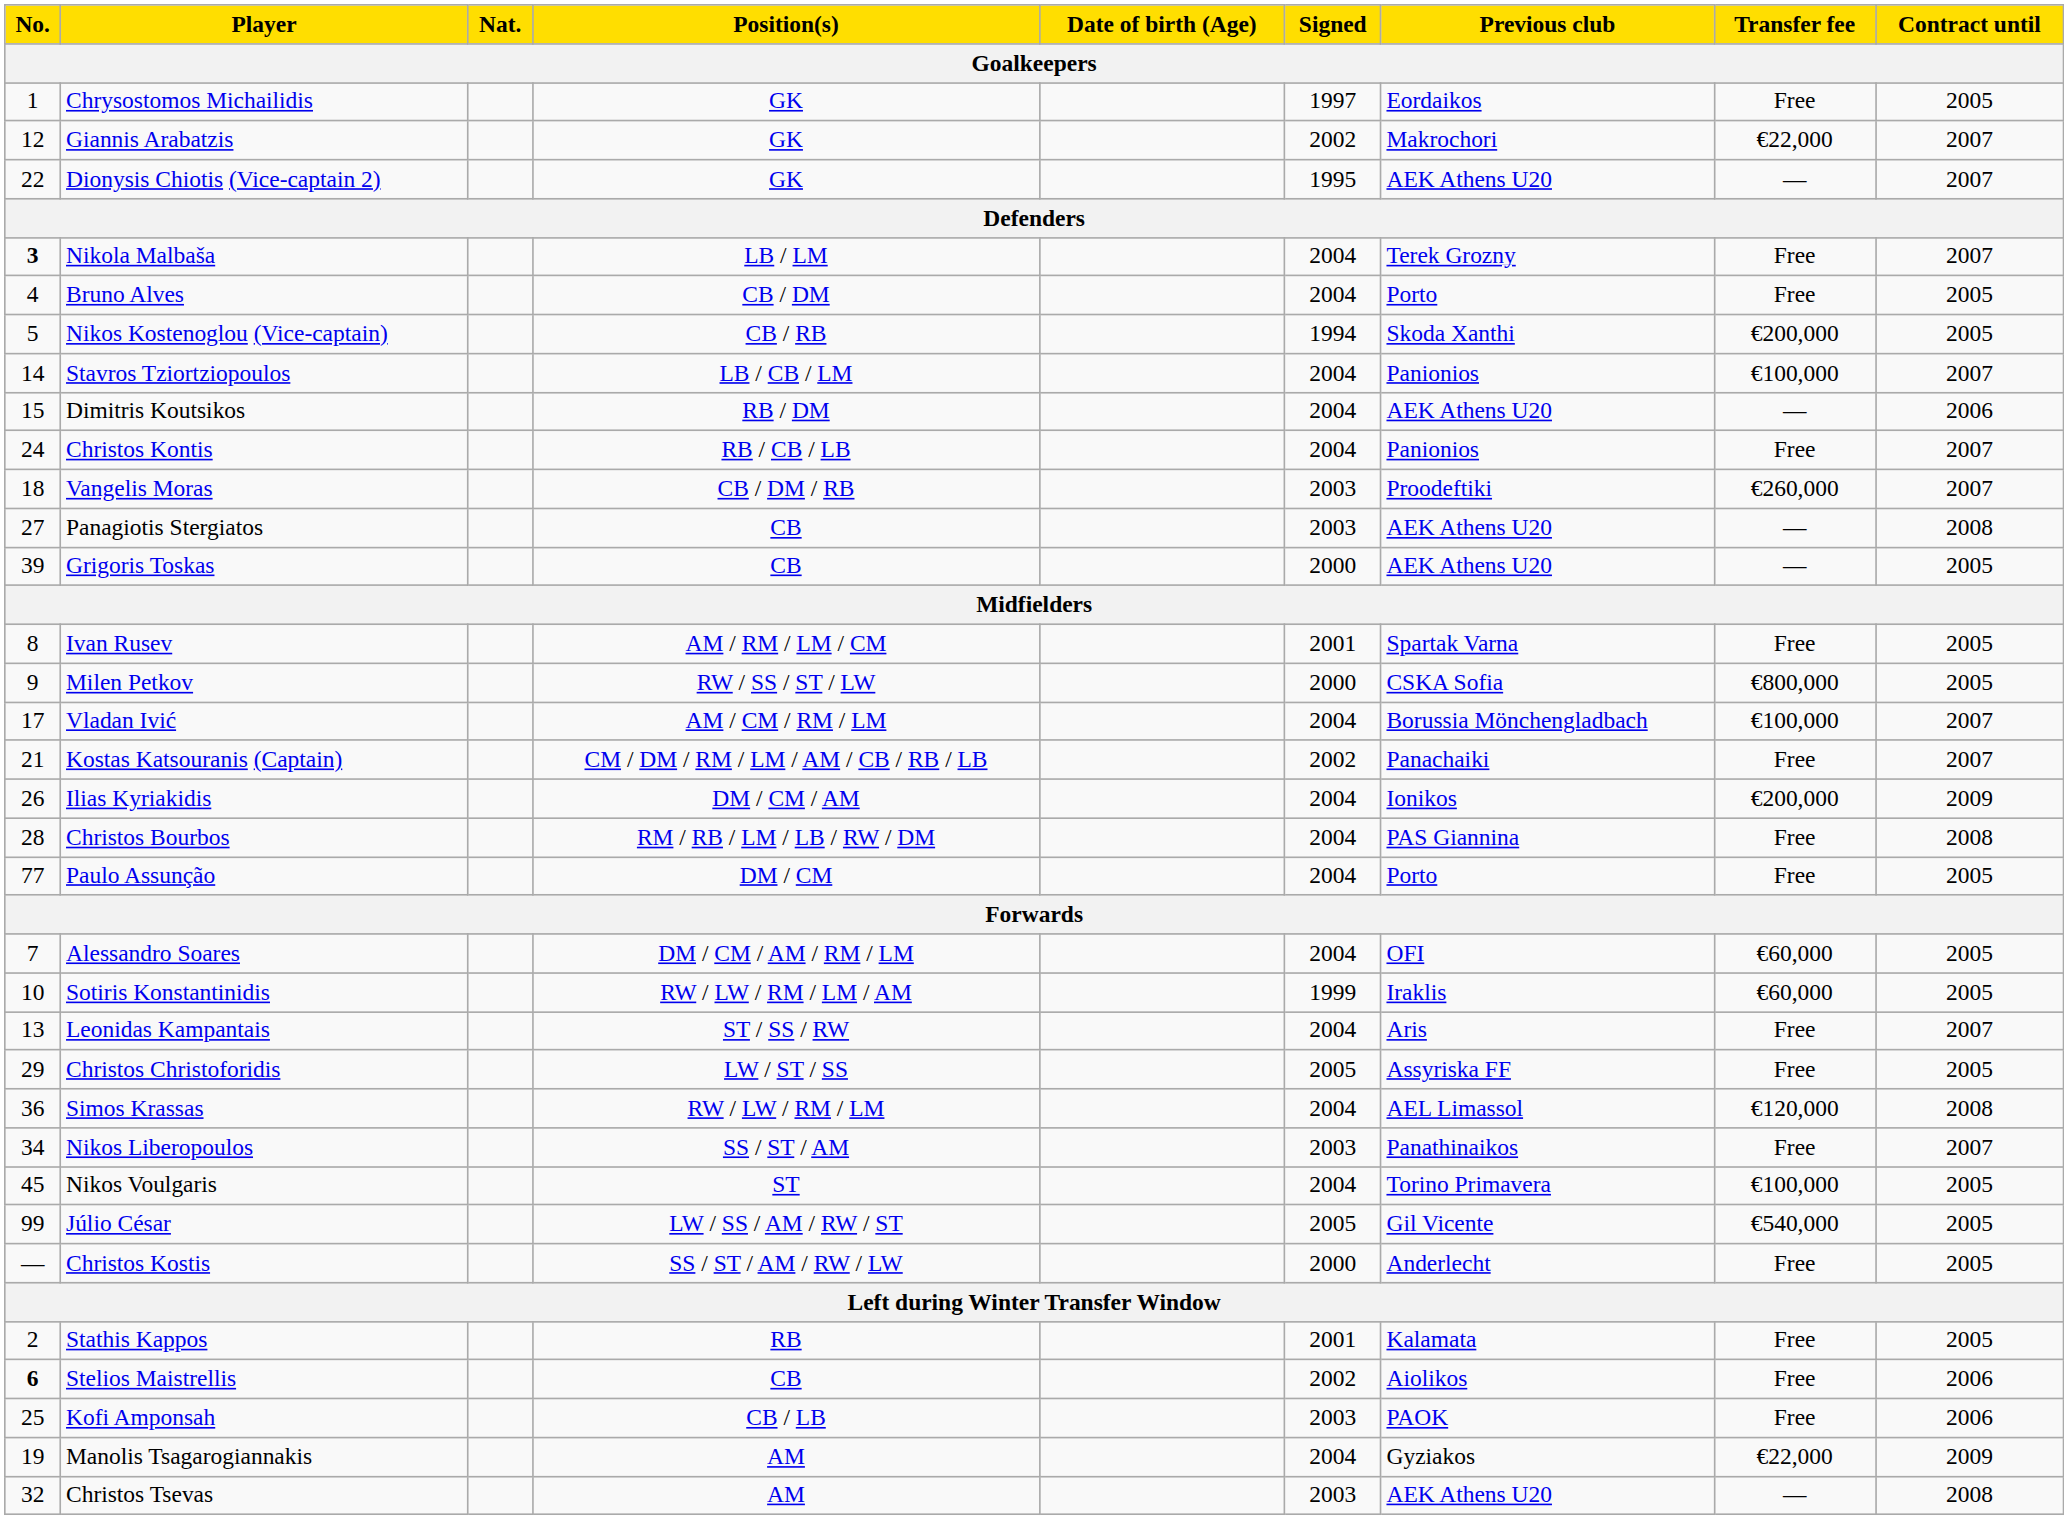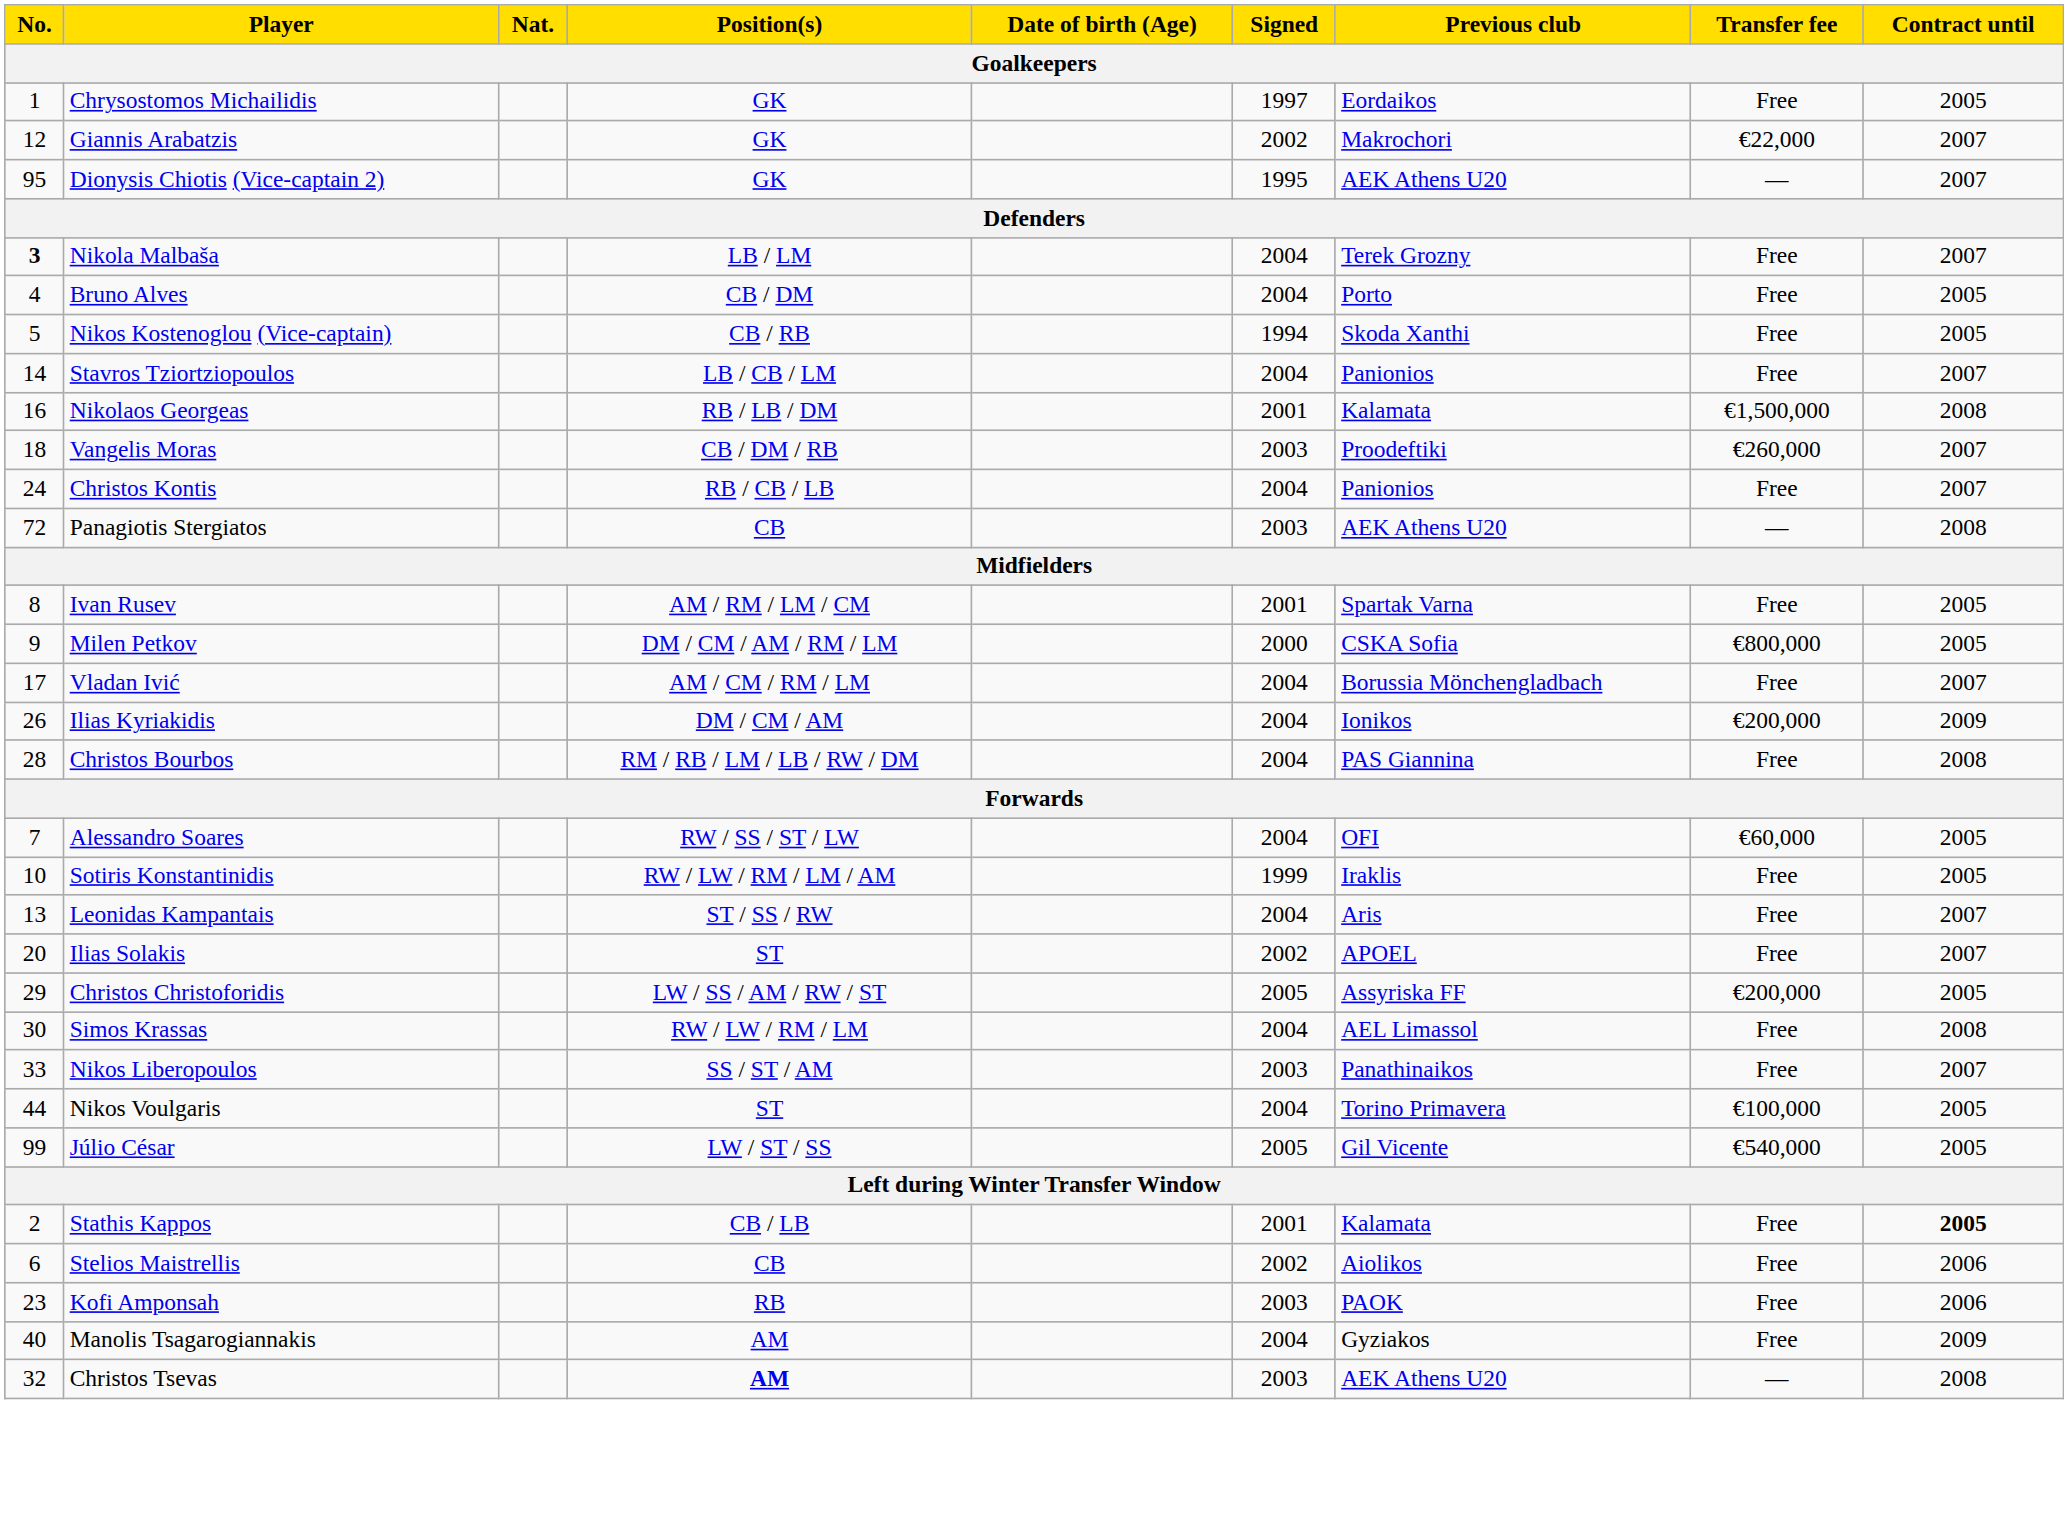 <table class="wikitable" style="text-align:center; font-size:90%; width:100%">
 <tr>
 <th style="background:#FFDE00">No.</th>
 <th style="background:#FFDE00">Player</th>
 <th style="background:#FFDE00">Nat.</th>
 <th style="background:#FFDE00">Position(s)</th>
 <th style="background:#FFDE00">Date of birth (Age)</th>
 <th style="background:#FFDE00">Signed</th>
 <th style="background:#FFDE00">Previous club</th>
 <th style="background:#FFDE00">Transfer fee</th>
 <th style="background:#FFDE00">Contract until</th>
 </tr>
 <tr>
 <th colspan="9">Goalkeepers</th>
 </tr>
 <tr>
 <td>1</td>
 <td align=left><a href='#'>Chrysostomos Michailidis</a></td>
 <td></td>
 <td><a href='#'>GK</a></td>
 <td></td>
 <td>1997</td>
 <td align=left> <a href='#'>Eordaikos</a></td>
 <td>Free</td>
 <td>2005</td>
 </tr>
 <tr>
 <td>12</td>
 <td align=left><a href='#'>Giannis Arabatzis</a></td>
 <td></td>
 <td><a href='#'>GK</a></td>
 <td></td>
 <td>2002</td>
 <td align=left> <a href='#'>Makrochori</a></td>
 <td>€22,000</td>
 <td>2007</td>
 </tr>
 <tr>
-<td>22</td>
+<td>95</td>
 <td align=left><a href='#'>Dionysis Chiotis</a> <a href='#'>(Vice-captain 2)</a></td>
 <td></td>
 <td><a href='#'>GK</a></td>
 <td></td>
 <td>1995</td>
 <td align=left> <a href='#'>AEK Athens U20</a></td>
 <td>—</td>
 <td>2007</td>
 </tr>
 <tr>
 <th colspan="9">Defenders</th>
 </tr>
 <tr>
 <td><strong>3</strong></td>
 <td align=left><a href='#'>Nikola Malbaša</a></td>
 <td></td>
 <td><a href='#'>LB</a> / <a href='#'>LM</a></td>
 <td></td>
 <td>2004</td>
 <td align=left> <a href='#'>Terek Grozny</a></td>
 <td>Free</td>
 <td>2007</td>
 </tr>
 <tr>
 <td>4</td>
 <td align=left><a href='#'>Bruno Alves</a></td>
 <td></td>
 <td><a href='#'>CB</a> / <a href='#'>DM</a></td>
 <td></td>
 <td>2004</td>
 <td align=left> <a href='#'>Porto</a></td>
 <td>Free</td>
 <td>2005</td>
 </tr>
 <tr>
 <td>5</td>
 <td align=left><a href='#'>Nikos Kostenoglou</a> <a href='#'>(Vice-captain)</a></td>
 <td></td>
 <td><a href='#'>CB</a> / <a href='#'>RB</a></td>
 <td></td>
 <td>1994</td>
 <td align=left> <a href='#'>Skoda Xanthi</a></td>
-<td>€200,000</td>
+<td>Free</td>
 <td>2005</td>
 </tr>
 <tr>
 <td>14</td>
 <td align=left><a href='#'>Stavros Tziortziopoulos</a></td>
 <td></td>
 <td><a href='#'>LB</a> / <a href='#'>CB</a> / <a href='#'>LM</a></td>
 <td></td>
 <td>2004</td>
 <td align=left> <a href='#'>Panionios</a></td>
-<td>€100,000</td>
+<td>Free</td>
 <td>2007</td>
 </tr>
 <tr>
-<td>15</td>
-<td align=left>Dimitris Koutsikos</td>
+<td>16</td>
+<td align=left><a href='#'>Nikolaos Georgeas</a></td>
 <td></td>
-<td><a href='#'>RB</a> / <a href='#'>DM</a></td>
+<td><a href='#'>RB</a> / <a href='#'>LB</a> / <a href='#'>DM</a></td>
 <td></td>
-<td>2004</td>
-<td align=left> <a href='#'>AEK Athens U20</a></td>
-<td>—</td>
-<td>2006</td>
+<td>2001</td>
+<td align=left> <a href='#'>Kalamata</a></td>
+<td>€1,500,000</td>
+<td>2008</td>
+</tr>
+<tr>
+<td>18</td>
+<td align=left><a href='#'>Vangelis Moras</a></td>
+<td></td>
+<td><a href='#'>CB</a> / <a href='#'>DM</a> / <a href='#'>RB</a></td>
+<td></td>
+<td>2003</td>
+<td align=left> <a href='#'>Proodeftiki</a></td>
+<td>€260,000</td>
+<td>2007</td>
 </tr>
 <tr>
 <td>24</td>
 <td align=left><a href='#'>Christos Kontis</a></td>
 <td></td>
 <td><a href='#'>RB</a> / <a href='#'>CB</a> / <a href='#'>LB</a></td>
 <td></td>
 <td>2004</td>
 <td align=left> <a href='#'>Panionios</a></td>
 <td>Free</td>
 <td>2007</td>
 </tr>
 <tr>
-<td>18</td>
-<td align=left><a href='#'>Vangelis Moras</a></td>
-<td></td>
-<td><a href='#'>CB</a> / <a href='#'>DM</a> / <a href='#'>RB</a></td>
-<td></td>
-<td>2003</td>
-<td align=left> <a href='#'>Proodeftiki</a></td>
-<td>€260,000</td>
-<td>2007</td>
-</tr>
-<tr>
-<td>27</td>
+<td>72</td>
 <td align=left>Panagiotis Stergiatos</td>
 <td></td>
 <td><a href='#'>CB</a></td>
 <td></td>
 <td>2003</td>
 <td align=left> <a href='#'>AEK Athens U20</a></td>
 <td>—</td>
 <td>2008</td>
-</tr>
-<tr>
-<td>39</td>
-<td align=left><a href='#'>Grigoris Toskas</a></td>
-<td></td>
-<td><a href='#'>CB</a></td>
-<td></td>
-<td>2000</td>
-<td align=left> <a href='#'>AEK Athens U20</a></td>
-<td>—</td>
-<td>2005</td>
 </tr>
 <tr>
 <th colspan="9">Midfielders</th>
 </tr>
 <tr>
 <td>8</td>
 <td align=left><a href='#'>Ivan Rusev</a></td>
 <td></td>
 <td><a href='#'>AM</a> / <a href='#'>RM</a> / <a href='#'>LM</a> / <a href='#'>CM</a></td>
 <td></td>
 <td>2001</td>
 <td align=left> <a href='#'>Spartak Varna</a></td>
 <td>Free</td>
 <td>2005</td>
 </tr>
 <tr>
 <td>9</td>
 <td align=left><a href='#'>Milen Petkov</a></td>
 <td></td>
-<td><a href='#'>RW</a> / <a href='#'>SS</a> / <a href='#'>ST</a> / <a href='#'>LW</a></td>
+<td><a href='#'>DM</a> / <a href='#'>CM</a> / <a href='#'>AM</a> / <a href='#'>RM</a> / <a href='#'>LM</a></td>
 <td></td>
 <td>2000</td>
 <td align=left> <a href='#'>CSKA Sofia</a></td>
 <td>€800,000</td>
 <td>2005</td>
 </tr>
 <tr>
 <td>17</td>
 <td align=left><a href='#'>Vladan Ivić</a></td>
 <td></td>
 <td><a href='#'>AM</a> / <a href='#'>CM</a> / <a href='#'>RM</a> / <a href='#'>LM</a></td>
 <td></td>
 <td>2004</td>
 <td align=left> <a href='#'>Borussia Mönchengladbach</a></td>
-<td>€100,000</td>
-<td>2007</td>
-</tr>
-<tr>
-<td>21</td>
-<td align=left><a href='#'>Kostas Katsouranis</a> <a href='#'>(Captain)</a></td>
-<td></td>
-<td><a href='#'>CM</a> / <a href='#'>DM</a> / <a href='#'>RM</a> / <a href='#'>LM</a> / <a href='#'>AM</a> / <a href='#'>CB</a> / <a href='#'>RB</a> / <a href='#'>LB</a></td>
-<td></td>
-<td>2002</td>
-<td align=left> <a href='#'>Panachaiki</a></td>
 <td>Free</td>
 <td>2007</td>
 </tr>
 <tr>
 <td>26</td>
 <td align=left><a href='#'>Ilias Kyriakidis</a></td>
 <td></td>
 <td><a href='#'>DM</a> / <a href='#'>CM</a> / <a href='#'>AM</a></td>
 <td></td>
 <td>2004</td>
 <td align=left> <a href='#'>Ionikos</a></td>
 <td>€200,000</td>
 <td>2009</td>
 </tr>
 <tr>
 <td>28</td>
 <td align=left><a href='#'>Christos Bourbos</a></td>
 <td></td>
 <td><a href='#'>RM</a> / <a href='#'>RB</a> / <a href='#'>LM</a> / <a href='#'>LB</a> / <a href='#'>RW</a> / <a href='#'>DM</a></td>
 <td></td>
 <td>2004</td>
 <td align=left> <a href='#'>PAS Giannina</a></td>
 <td>Free</td>
 <td>2008</td>
 </tr>
 <tr>
-<td>77</td>
-<td align=left><a href='#'>Paulo Assunção</a></td>
-<td></td>
-<td><a href='#'>DM</a> / <a href='#'>CM</a></td>
-<td></td>
-<td>2004</td>
-<td align=left> <a href='#'>Porto</a></td>
-<td>Free</td>
-<td>2005</td>
-</tr>
-<tr>
 <th colspan="9">Forwards</th>
 </tr>
 <tr>
 <td>7</td>
 <td align=left><a href='#'>Alessandro Soares</a></td>
 <td></td>
-<td><a href='#'>DM</a> / <a href='#'>CM</a> / <a href='#'>AM</a> / <a href='#'>RM</a> / <a href='#'>LM</a></td>
+<td><a href='#'>RW</a> / <a href='#'>SS</a> / <a href='#'>ST</a> / <a href='#'>LW</a></td>
 <td></td>
 <td>2004</td>
 <td align=left> <a href='#'>OFI</a></td>
 <td>€60,000</td>
 <td>2005</td>
 </tr>
 <tr>
 <td>10</td>
 <td align=left><a href='#'>Sotiris Konstantinidis</a></td>
 <td></td>
 <td><a href='#'>RW</a> / <a href='#'>LW</a> / <a href='#'>RM</a> / <a href='#'>LM</a> / <a href='#'>AM</a></td>
 <td></td>
 <td>1999</td>
 <td align=left> <a href='#'>Iraklis</a></td>
-<td>€60,000</td>
+<td>Free</td>
 <td>2005</td>
 </tr>
 <tr>
 <td>13</td>
 <td align=left><a href='#'>Leonidas Kampantais</a></td>
 <td></td>
 <td><a href='#'>ST</a> / <a href='#'>SS</a> / <a href='#'>RW</a></td>
 <td></td>
 <td>2004</td>
 <td align=left> <a href='#'>Aris</a></td>
 <td>Free</td>
 <td>2007</td>
 </tr>
 <tr>
+<td>20</td>
+<td align=left><a href='#'>Ilias Solakis</a></td>
+<td></td>
+<td><a href='#'>ST</a></td>
+<td></td>
+<td>2002</td>
+<td align=left> <a href='#'>APOEL</a></td>
+<td>Free</td>
+<td>2007</td>
+</tr>
+<tr>
 <td>29</td>
 <td align=left><a href='#'>Christos Christoforidis</a></td>
 <td></td>
-<td><a href='#'>LW</a> / <a href='#'>ST</a> / <a href='#'>SS</a></td>
+<td><a href='#'>LW</a> / <a href='#'>SS</a> / <a href='#'>AM</a> / <a href='#'>RW</a> / <a href='#'>ST</a></td>
 <td></td>
 <td>2005</td>
 <td align=left> <a href='#'>Assyriska FF</a></td>
-<td>Free</td>
+<td>€200,000</td>
 <td>2005</td>
 </tr>
 <tr>
-<td>36</td>
+<td>30</td>
 <td align=left><a href='#'>Simos Krassas</a></td>
 <td></td>
 <td><a href='#'>RW</a> / <a href='#'>LW</a> / <a href='#'>RM</a> / <a href='#'>LM</a></td>
 <td></td>
 <td>2004</td>
 <td align=left> <a href='#'>AEL Limassol</a></td>
-<td>€120,000</td>
+<td>Free</td>
 <td>2008</td>
 </tr>
 <tr>
-<td>34</td>
+<td>33</td>
 <td align=left><a href='#'>Nikos Liberopoulos</a></td>
 <td></td>
 <td><a href='#'>SS</a> / <a href='#'>ST</a> / <a href='#'>AM</a></td>
 <td></td>
 <td>2003</td>
 <td align=left> <a href='#'>Panathinaikos</a></td>
 <td>Free</td>
 <td>2007</td>
 </tr>
 <tr>
-<td>45</td>
+<td>44</td>
 <td align=left>Nikos Voulgaris</td>
 <td></td>
 <td><a href='#'>ST</a></td>
 <td></td>
 <td>2004</td>
 <td align=left> <a href='#'>Torino Primavera</a></td>
 <td>€100,000</td>
 <td>2005</td>
 </tr>
 <tr>
 <td>99</td>
 <td align=left><a href='#'>Júlio César</a></td>
 <td></td>
-<td><a href='#'>LW</a> / <a href='#'>SS</a> / <a href='#'>AM</a> / <a href='#'>RW</a> / <a href='#'>ST</a></td>
+<td><a href='#'>LW</a> / <a href='#'>ST</a> / <a href='#'>SS</a></td>
 <td></td>
 <td>2005</td>
 <td align=left> <a href='#'>Gil Vicente</a></td>
 <td>€540,000</td>
-<td>2005</td>
-</tr>
-<tr>
-<td>—</td>
-<td align=left><a href='#'>Christos Kostis</a></td>
-<td></td>
-<td><a href='#'>SS</a> / <a href='#'>ST</a> / <a href='#'>AM</a> / <a href='#'>RW</a> / <a href='#'>LW</a></td>
-<td></td>
-<td>2000</td>
-<td align=left> <a href='#'>Anderlecht</a></td>
-<td>Free</td>
 <td>2005</td>
 </tr>
 <tr>
 <th colspan="9">Left during Winter Transfer Window</th>
 </tr>
 <tr>
 <td>2</td>
 <td align=left><a href='#'>Stathis Kappos</a></td>
 <td></td>
-<td><a href='#'>RB</a></td>
+<td><a href='#'>CB</a> / <a href='#'>LB</a></td>
 <td></td>
 <td>2001</td>
 <td align=left> <a href='#'>Kalamata</a></td>
 <td>Free</td>
-<td>2005</td>
+<td><strong>2005</strong></td>
 </tr>
 <tr>
-<td><strong>6</strong></td>
+<td>6</td>
 <td align=left><a href='#'>Stelios Maistrellis</a></td>
 <td></td>
 <td><a href='#'>CB</a></td>
 <td></td>
 <td>2002</td>
 <td align=left> <a href='#'>Aiolikos</a></td>
 <td>Free</td>
 <td>2006</td>
 </tr>
 <tr>
-<td>25</td>
+<td>23</td>
 <td align=left><a href='#'>Kofi Amponsah</a></td>
 <td></td>
-<td><a href='#'>CB</a> / <a href='#'>LB</a></td>
+<td><a href='#'>RB</a></td>
 <td></td>
 <td>2003</td>
 <td align=left> <a href='#'>PAOK</a></td>
 <td>Free</td>
 <td>2006</td>
 </tr>
 <tr>
-<td>19</td>
+<td>40</td>
 <td align=left>Manolis Tsagarogiannakis</td>
 <td></td>
 <td><a href='#'>AM</a></td>
 <td></td>
 <td>2004</td>
 <td align=left> Gyziakos</td>
-<td>€22,000</td>
+<td>Free</td>
 <td>2009</td>
 </tr>
 <tr>
 <td>32</td>
 <td align=left>Christos Tsevas</td>
 <td></td>
-<td><a href='#'>AM</a></td>
+<td><strong><a href='#'>AM</a></strong></td>
 <td></td>
 <td>2003</td>
 <td align=left> <a href='#'>AEK Athens U20</a></td>
 <td>—</td>
 <td>2008</td>
 </tr>
 </table>
